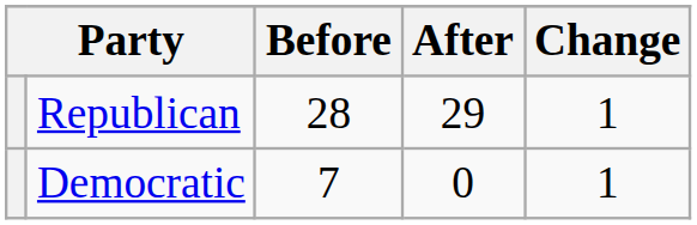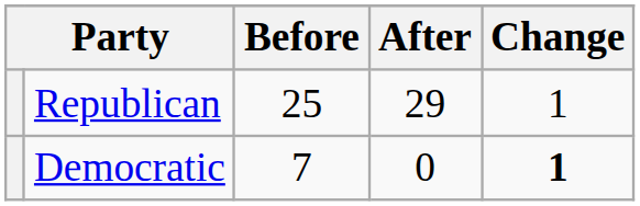 <table class="wikitable" style="text-align:center;">
 <tr>
 </tr>
 <tr>
 <th colspan=2>Party</th>
 <th>Before</th>
 <th>After</th>
 <th>Change</th>
 </tr>
 <tr>
 <th style="background-color:"></th>
 <td style="text-align:left;"><a href='#'>Republican</a></td>
-<td>28</td>
+<td>25</td>
 <td>29</td>
 <td> 1</td>
 </tr>
 <tr>
 <th style="background-color:"></th>
 <td style="text-align:left;"><a href='#'>Democratic</a></td>
 <td>7</td>
 <td>0</td>
-<td> 1</td>
+<td><strong> 1</strong></td>
 </tr>
 </table>
